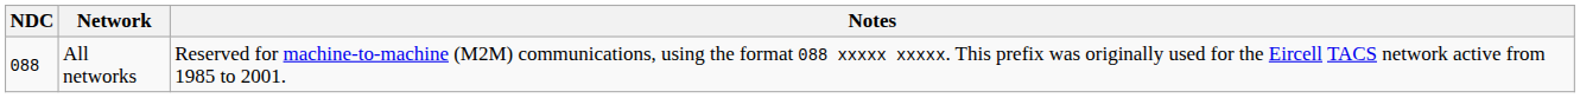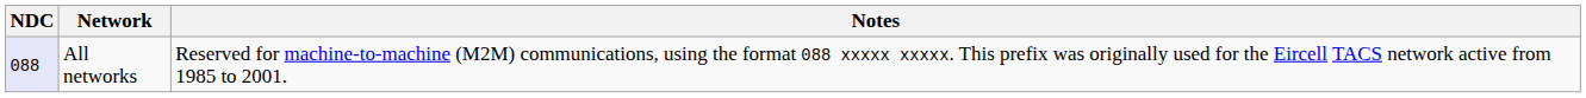 <table class="wikitable">
 <tr>
 <th>NDC</th>
 <th>Network</th>
 <th>Notes</th>
 </tr>
 <tr>
-<td><code>088</code></td>
+<td style="background: lavender;"><code>088</code></td>
 <td>All networks</td>
 <td>Reserved for <a href='#'>machine-to-machine</a> (M2M) communications, using the format <code>088 xxxxx xxxxx</code>. This prefix was originally used for the <a href='#'>Eircell</a> <a href='#'>TACS</a> network active from 1985 to 2001.</td>
 </tr>
 </table>
